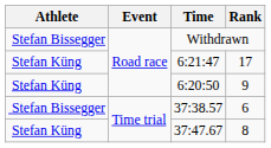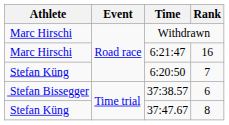 <table class=wikitable style=font-size:95%;text-align:center>
 <tr>
 <th>Athlete</th>
 <th>Event</th>
 <th>Time</th>
 <th>Rank</th>
 </tr>
 <tr align=center>
-<td align=left> <a href='#'>Stefan Bissegger</a></td>
+<td align="left"> <a href='#'>Marc Hirschi</a></td>
 <td align=left rowspan=3><a href='#'>Road race</a></td>
 <td colspan="2">Withdrawn</td>
 </tr>
 <tr align=center>
-<td align=left> <a href='#'>Stefan Küng</a></td>
+<td align="left"> <a href='#'>Marc Hirschi</a></td>
 <td>6:21:47</td>
-<td>17</td>
+<td>16</td>
 </tr>
 <tr align=center>
 <td align=left> <a href='#'>Stefan Küng</a></td>
 <td>6:20:50</td>
-<td>9</td>
+<td>7</td>
 </tr>
 <tr align=center>
 <td align=left><a href='#'> Stefan Bissegger</a></td>
 <td align=left rowspan=2><a href='#'>Time trial</a></td>
 <td>37:38.57</td>
 <td>6</td>
 </tr>
 <tr align=center>
 <td align=left> <a href='#'>Stefan Küng</a></td>
 <td>37:47.67</td>
 <td>8</td>
 </tr>
 </table>
